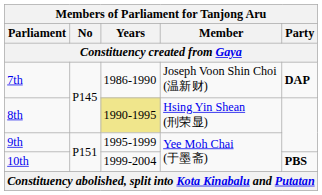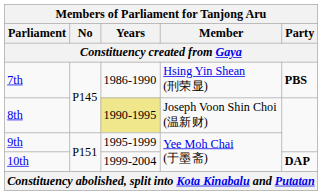 <table class=wikitable>
 <tr>
 <th colspan="5">Members of Parliament for Tanjong Aru</th>
 </tr>
 <tr>
 <th>Parliament</th>
 <th>No</th>
 <th>Years</th>
 <th>Member</th>
 <th>Party</th>
 </tr>
 <tr>
 <th colspan="5" align="center"><em>Constituency created from <a href='#'>Gaya</a></em></th>
 </tr>
 <tr>
 <td><a href='#'>7th</a></td>
 <td rowspan="2">P145</td>
 <td>1986-1990</td>
-<td>Joseph Voon Shin Choi  <br>(温新财)</td>
-<td><strong>DAP</strong></td>
+<td><a href='#'>Hsing Yin Shean</a> <br> (刑荣显)</td>
+<td><strong>PBS</strong></td>
 </tr>
 <tr>
 <td><a href='#'>8th</a></td>
 <td style="background: khaki;">1990-1995</td>
-<td><a href='#'>Hsing Yin Shean</a> <br> (刑荣显)</td>
+<td>Joseph Voon Shin Choi  <br>(温新财)</td>
 <td rowspan=2 bgcolor=></td>
 </tr>
 <tr>
 <td><a href='#'>9th</a></td>
 <td rowspan="2">P151</td>
 <td>1995-1999</td>
 <td rowspan=2><a href='#'>Yee Moh Chai</a>  <br>(于墨斋)</td>
 </tr>
 <tr>
 <td><a href='#'>10th</a></td>
 <td>1999-2004</td>
-<td><strong>PBS</strong></td>
+<td><strong>DAP</strong></td>
 </tr>
 <tr>
 <th colspan="5" align="center"><em>Constituency abolished, split into <a href='#'>Kota Kinabalu</a> and <a href='#'>Putatan</a></em></th>
 </tr>
 </table>
